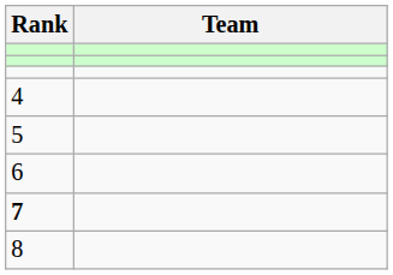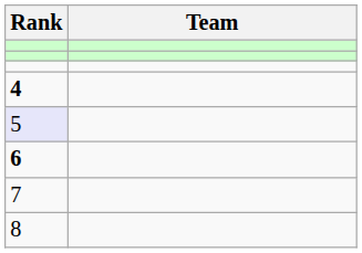 <table class="wikitable">
 <tr>
 <th width=30>Rank</th>
 <th width=200>Team</th>
 </tr>
 <tr bgcolor=#ccffcc>
 <td></td>
 <td></td>
 </tr>
 <tr bgcolor=#ccffcc>
 <td></td>
 <td></td>
 </tr>
 <tr>
 <td></td>
 <td></td>
 </tr>
 <tr>
-<td>4</td>
+<td><strong>4</strong></td>
 <td></td>
 </tr>
 <tr>
-<td>5</td>
+<td style="background: lavender;">5</td>
 <td></td>
 </tr>
 <tr>
-<td>6</td>
+<td><strong>6</strong></td>
 <td></td>
 </tr>
 <tr>
-<td><strong>7</strong></td>
+<td>7</td>
 <td></td>
 </tr>
 <tr>
 <td>8</td>
 <td></td>
 </tr>
 </table>
